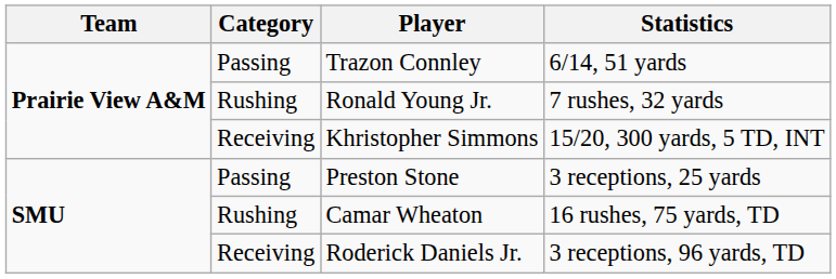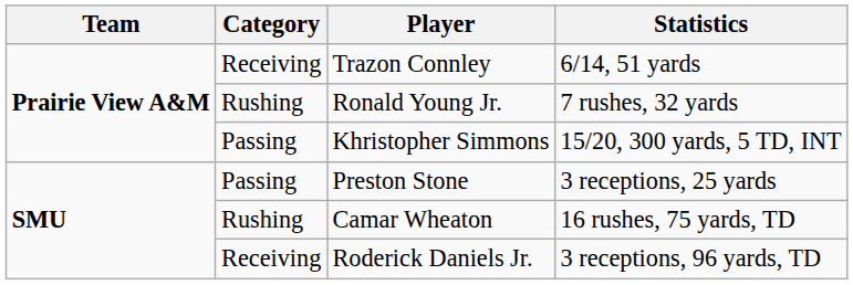 <table class="wikitable" style="float: right;">
 <tr>
 <th>Team</th>
 <th>Category</th>
 <th>Player</th>
 <th>Statistics</th>
 </tr>
 <tr>
 <td rowspan=3><strong>Prairie View A&M</strong></td>
-<td>Passing</td>
+<td>Receiving</td>
 <td>Trazon Connley</td>
 <td>6/14, 51 yards</td>
 </tr>
 <tr>
 <td>Rushing</td>
 <td>Ronald Young Jr.</td>
 <td>7 rushes, 32 yards</td>
 </tr>
 <tr>
-<td>Receiving</td>
+<td>Passing</td>
 <td>Khristopher Simmons</td>
 <td>15/20, 300 yards, 5 TD, INT</td>
 </tr>
 <tr>
 <td rowspan=3><strong>SMU</strong></td>
 <td>Passing</td>
 <td>Preston Stone</td>
 <td>3 receptions, 25 yards</td>
 </tr>
 <tr>
 <td>Rushing</td>
 <td>Camar Wheaton</td>
 <td>16 rushes, 75 yards, TD</td>
 </tr>
 <tr>
 <td>Receiving</td>
 <td>Roderick Daniels Jr.</td>
 <td>3 receptions, 96 yards, TD</td>
 </tr>
 </table>
